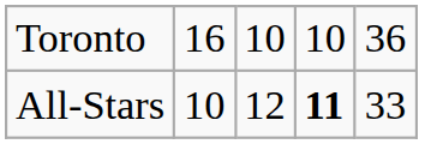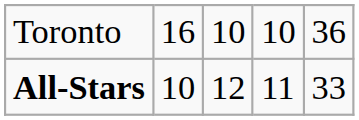 <table class="wikitable">
 <tr>
 <td>Toronto</td>
 <td>16</td>
 <td>10</td>
 <td>10</td>
 <td>36</td>
 </tr>
 <tr>
-<td>All-Stars</td>
+<td><strong>All-Stars</strong></td>
 <td>10</td>
 <td>12</td>
-<td><strong>11</strong></td>
+<td>11</td>
 <td>33</td>
 </tr>
 </table>
